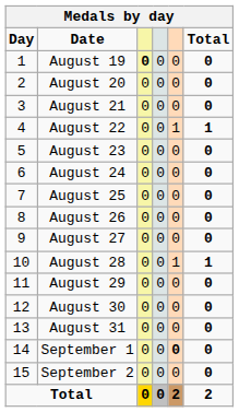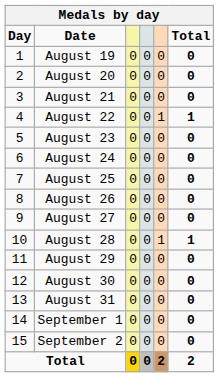 <table class=wikitable style="font-size:85%; float:right;text-align:center">
 <tr>
 <th colspan=7><strong>Medals by day</strong></th>
 </tr>
 <tr>
 <td><strong>Day</strong></td>
 <td><strong>Date</strong></td>
 <td bgcolor=F7F6A8></td>
 <td bgcolor=DCE5E5></td>
 <td bgcolor=FFDAB9></td>
 <td><strong>Total</strong></td>
 </tr>
 <tr>
 <td>1</td>
 <td>August 19</td>
-<td bgcolor=F7F6A8><strong>0</strong></td>
+<td bgcolor=F7F6A8>0</td>
 <td bgcolor=DCE5E5>0</td>
 <td bgcolor=FFDAB9>0</td>
 <td><strong>0</strong></td>
 </tr>
 <tr>
 <td>2</td>
 <td>August 20</td>
 <td bgcolor=F7F6A8>0</td>
 <td bgcolor=DCE5E5>0</td>
 <td bgcolor=FFDAB9>0</td>
 <td><strong>0</strong></td>
 </tr>
 <tr>
 <td>3</td>
 <td>August 21</td>
 <td bgcolor=F7F6A8>0</td>
 <td bgcolor=DCE5E5>0</td>
 <td bgcolor=FFDAB9>0</td>
 <td><strong>0</strong></td>
 </tr>
 <tr>
 <td>4</td>
 <td>August 22</td>
 <td bgcolor=F7F6A8>0</td>
 <td bgcolor=DCE5E5>0</td>
 <td bgcolor=FFDAB9>1</td>
 <td><strong>1</strong></td>
 </tr>
 <tr>
 <td>5</td>
 <td>August 23</td>
 <td bgcolor=F7F6A8>0</td>
 <td bgcolor=DCE5E5>0</td>
 <td bgcolor=FFDAB9>0</td>
 <td><strong>0</strong></td>
 </tr>
 <tr>
 <td>6</td>
 <td>August 24</td>
 <td bgcolor=F7F6A8>0</td>
 <td bgcolor=DCE5E5>0</td>
 <td bgcolor=FFDAB9>0</td>
 <td><strong>0</strong></td>
 </tr>
 <tr>
 <td>7</td>
 <td>August 25</td>
 <td bgcolor=F7F6A8>0</td>
 <td bgcolor=DCE5E5>0</td>
 <td bgcolor=FFDAB9>0</td>
 <td><strong>0</strong></td>
 </tr>
 <tr>
 <td>8</td>
 <td>August 26</td>
 <td bgcolor=F7F6A8>0</td>
 <td bgcolor=DCE5E5>0</td>
 <td bgcolor=FFDAB9>0</td>
 <td><strong>0</strong></td>
 </tr>
 <tr>
 <td>9</td>
 <td>August 27</td>
 <td bgcolor=F7F6A8>0</td>
 <td bgcolor=DCE5E5>0</td>
 <td bgcolor=FFDAB9>0</td>
 <td><strong>0</strong></td>
 </tr>
 <tr>
 <td>10</td>
 <td>August 28</td>
 <td bgcolor=F7F6A8>0</td>
 <td bgcolor=DCE5E5>0</td>
 <td bgcolor=FFDAB9>1</td>
 <td><strong>1</strong></td>
 </tr>
 <tr>
 <td>11</td>
 <td>August 29</td>
 <td bgcolor=F7F6A8>0</td>
 <td bgcolor=DCE5E5>0</td>
 <td bgcolor=FFDAB9>0</td>
 <td><strong>0</strong></td>
 </tr>
 <tr>
 <td>12</td>
 <td>August 30</td>
 <td bgcolor=F7F6A8>0</td>
 <td bgcolor=DCE5E5>0</td>
 <td bgcolor=FFDAB9>0</td>
 <td><strong>0</strong></td>
 </tr>
 <tr>
 <td>13</td>
 <td>August 31</td>
 <td bgcolor=F7F6A8>0</td>
 <td bgcolor=DCE5E5>0</td>
 <td bgcolor=FFDAB9>0</td>
 <td><strong>0</strong></td>
 </tr>
 <tr>
 <td>14</td>
 <td>September 1</td>
 <td bgcolor=F7F6A8>0</td>
 <td bgcolor=DCE5E5>0</td>
-<td bgcolor=FFDAB9><strong>0</strong></td>
+<td bgcolor=FFDAB9>0</td>
 <td><strong>0</strong></td>
 </tr>
 <tr>
 <td>15</td>
 <td>September 2</td>
 <td bgcolor=F7F6A8>0</td>
 <td bgcolor=DCE5E5>0</td>
 <td bgcolor=FFDAB9>0</td>
 <td><strong>0</strong></td>
 </tr>
 <tr>
 <td colspan=2><strong>Total</strong></td>
 <td style="background:gold;"><strong>0</strong></td>
 <td style="background:silver;"><strong>0</strong></td>
 <td style="background:#c96;"><strong>2</strong></td>
 <td><strong>2</strong></td>
 </tr>
 </table>
